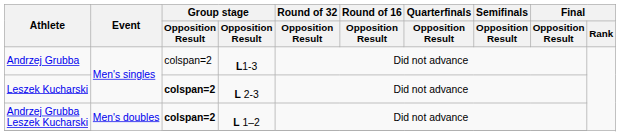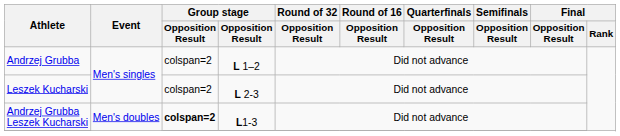 <table class="wikitable" border="1" style="font-size:90%">
 <tr>
 <th rowspan="2">Athlete</th>
 <th rowspan="2">Event</th>
 <th colspan="2">Group stage</th>
 <th>Round of 32</th>
 <th>Round of 16</th>
 <th>Quarterfinals</th>
 <th>Semifinals</th>
 <th colspan=2>Final</th>
 </tr>
 <tr style="font-size:95%">
 <th>Opposition<br>Result</th>
 <th>Opposition<br>Result</th>
 <th>Opposition<br>Result</th>
 <th>Opposition<br>Result</th>
 <th>Opposition<br>Result</th>
 <th>Opposition<br>Result</th>
 <th>Opposition<br>Result</th>
 <th>Rank</th>
 </tr>
 <tr>
 <td><a href='#'>Andrzej Grubba</a></td>
 <td rowspan=2><a href='#'>Men's singles</a></td>
 <td>colspan=2 </td>
-<td align=center><br><strong>L</strong>1-3</td>
+<td align=center><br><strong>L</strong> 1–2</td>
 <td colspan=5 align=center>Did not advance</td>
 </tr>
 <tr>
 <td><a href='#'>Leszek Kucharski</a></td>
-<td><strong>colspan=2 </strong></td>
+<td>colspan=2 </td>
 <td align=center><br><strong>L</strong> 2-3</td>
 <td colspan=5 align=center>Did not advance</td>
 </tr>
 <tr>
 <td><a href='#'>Andrzej Grubba</a><br><a href='#'>Leszek Kucharski</a></td>
 <td rowspan=2><a href='#'>Men's doubles</a></td>
 <td><strong>colspan=2 </strong></td>
-<td align=center><br><strong>L</strong> 1–2</td>
+<td align=center><br><strong>L</strong>1-3</td>
 <td colspan=5 align=center>Did not advance</td>
 </tr>
 <tr>
 </tr>
 </table>
